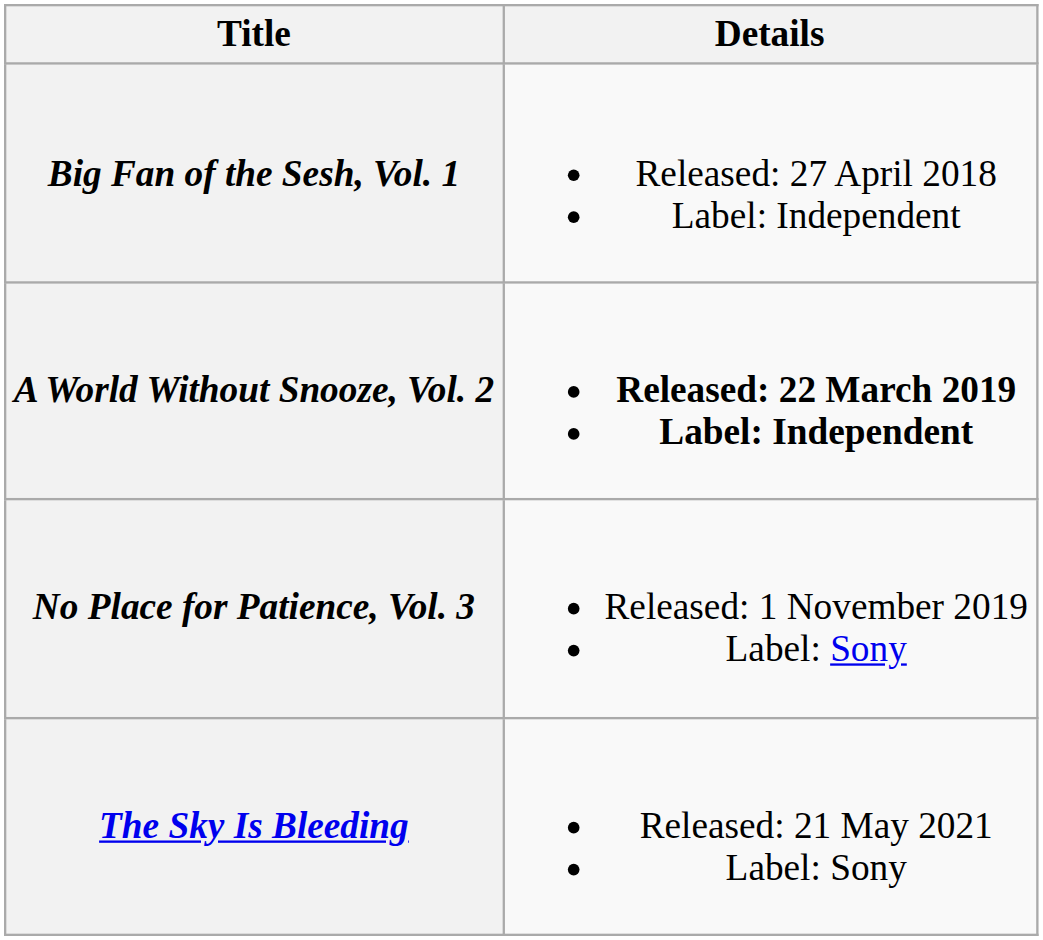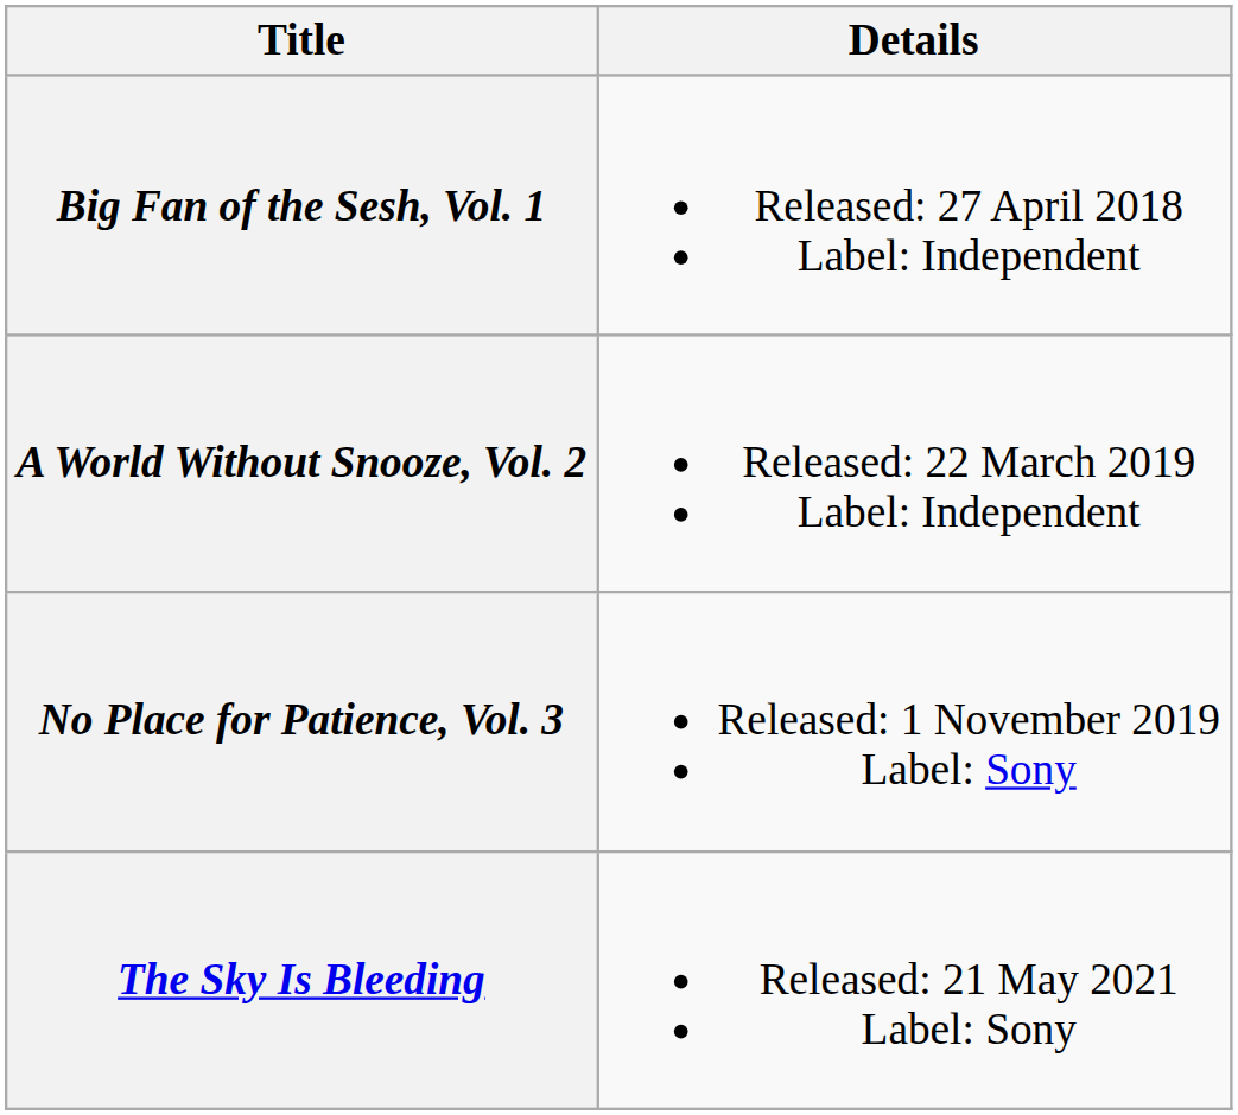 <table class="wikitable plainrowheaders" style="text-align:center;">
 <tr>
 <th scope="col">Title</th>
 <th scope="col">Details</th>
 </tr>
 <tr>
 <th scope="row"><em>Big Fan of the Sesh, Vol. 1</em></th>
 <td><br><ul><li>Released: 27 April 2018</li><li>Label: Independent</li></ul></td>
 </tr>
 <tr>
 <th scope="row"><em>A World Without Snooze, Vol. 2</em></th>
-<td><strong><br><ul><li>Released: 22 March 2019</li><li>Label: Independent</li></ul></strong></td>
+<td><br><ul><li>Released: 22 March 2019</li><li>Label: Independent</li></ul></td>
 </tr>
 <tr>
 <th scope="row"><em>No Place for Patience, Vol. 3</em></th>
 <td><br><ul><li>Released: 1 November 2019</li><li>Label: <a href='#'>Sony</a></li></ul></td>
 </tr>
 <tr>
 <th scope="row"><em><a href='#'>The Sky Is Bleeding</a></em></th>
 <td><br><ul><li>Released: 21 May 2021</li><li>Label: Sony</li></ul></td>
 </tr>
 </table>
